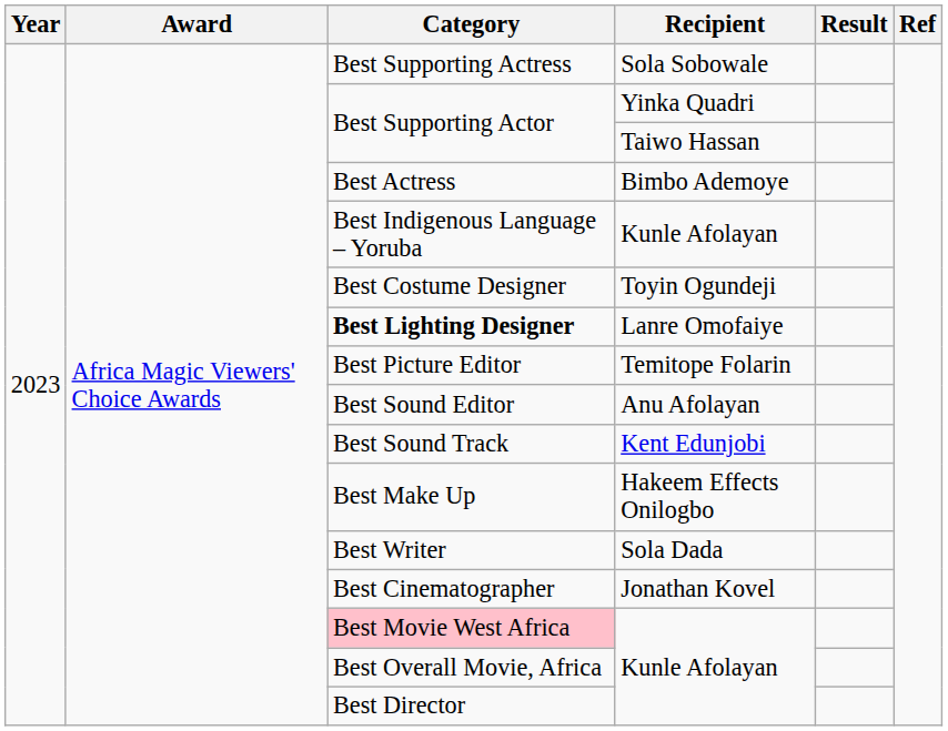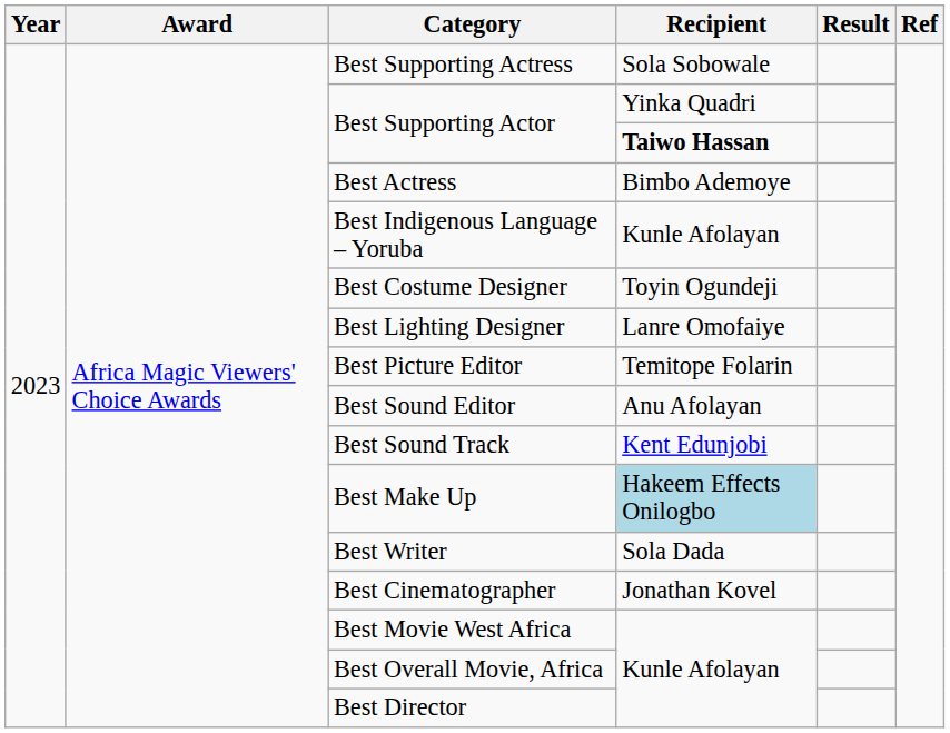 <table class="wikitable">
 <tr>
 <th>Year</th>
 <th>Award</th>
 <th>Category</th>
 <th>Recipient</th>
 <th>Result</th>
 <th>Ref</th>
 </tr>
 <tr>
 <td rowspan="16">2023</td>
 <td rowspan="16"><a href='#'>Africa Magic Viewers' Choice Awards</a></td>
 <td>Best Supporting Actress</td>
 <td>Sola Sobowale</td>
 <td></td>
 <td rowspan="16"></td>
 </tr>
 <tr>
 <td rowspan="2">Best Supporting Actor</td>
 <td>Yinka Quadri</td>
 <td></td>
 </tr>
 <tr>
-<td>Taiwo Hassan</td>
+<td><strong>Taiwo Hassan</strong></td>
 <td></td>
 </tr>
 <tr>
 <td>Best Actress</td>
 <td>Bimbo Ademoye</td>
 <td></td>
 </tr>
 <tr>
 <td>Best Indigenous Language – Yoruba</td>
 <td>Kunle Afolayan</td>
 <td></td>
 </tr>
 <tr>
 <td>Best Costume Designer</td>
 <td>Toyin Ogundeji</td>
 <td></td>
 </tr>
 <tr>
-<td><strong>Best Lighting Designer</strong></td>
+<td>Best Lighting Designer</td>
 <td>Lanre Omofaiye</td>
 <td></td>
 </tr>
 <tr>
 <td>Best Picture Editor</td>
 <td>Temitope Folarin</td>
 <td></td>
 </tr>
 <tr>
 <td>Best Sound Editor</td>
 <td>Anu Afolayan</td>
 <td></td>
 </tr>
 <tr>
 <td>Best Sound Track</td>
 <td><a href='#'>Kent Edunjobi</a></td>
 <td></td>
 </tr>
 <tr>
 <td>Best Make Up</td>
-<td>Hakeem Effects Onilogbo</td>
+<td style="background: lightblue;">Hakeem Effects Onilogbo</td>
 <td></td>
 </tr>
 <tr>
 <td>Best Writer</td>
 <td>Sola Dada</td>
 <td></td>
 </tr>
 <tr>
 <td>Best Cinematographer</td>
 <td>Jonathan Kovel</td>
 <td></td>
 </tr>
 <tr>
-<td style="background: pink;">Best Movie West Africa</td>
+<td>Best Movie West Africa</td>
 <td rowspan="3">Kunle Afolayan</td>
 <td></td>
 </tr>
 <tr>
 <td>Best Overall Movie, Africa</td>
 <td></td>
 </tr>
 <tr>
 <td>Best Director</td>
 <td></td>
 </tr>
 </table>
